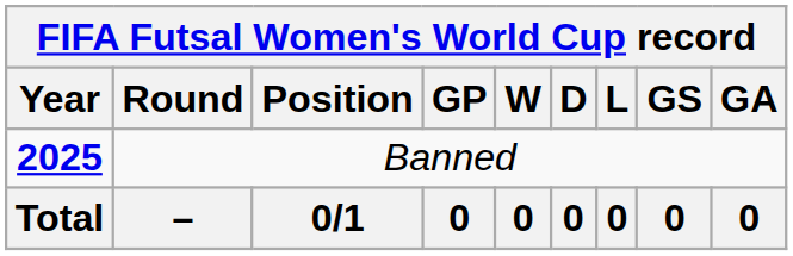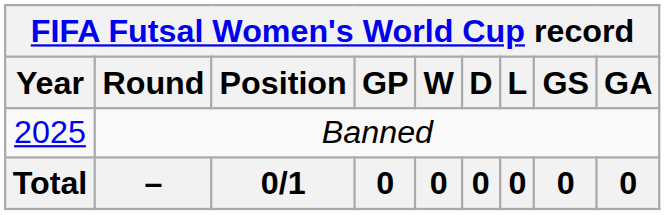 <table class="wikitable" style="text-align: center;font-size:90%;">
 <tr>
 <th colspan=9><a href='#'>FIFA Futsal Women's World Cup</a> record</th>
 </tr>
 <tr>
 <th>Year</th>
 <th>Round</th>
 <th>Position</th>
 <th>GP</th>
 <th>W</th>
 <th>D</th>
 <th>L</th>
 <th>GS</th>
 <th>GA</th>
 </tr>
 <tr>
-<td><strong> <a href='#'>2025</a></strong></td>
+<td> <a href='#'>2025</a></td>
 <td colspan=8><em>Banned</em></td>
 </tr>
 <tr>
 <th><strong>Total</strong></th>
 <th>–</th>
 <th><strong>0/1</strong></th>
 <th><strong>0</strong></th>
 <th><strong>0</strong></th>
 <th><strong>0</strong></th>
 <th><strong>0</strong></th>
 <th><strong>0</strong></th>
 <th><strong>0</strong></th>
 </tr>
 </table>
